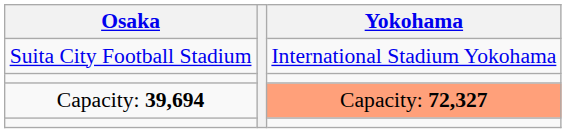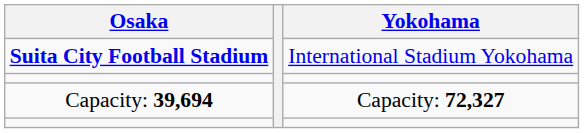 <table class="wikitable" style="text-align:center">
 <tr>
 <th><a href='#'>Osaka</a></th>
 <th rowspan=5></th>
 <th><a href='#'>Yokohama</a></th>
 </tr>
 <tr>
-<td><a href='#'>Suita City Football Stadium</a></td>
+<td><strong><a href='#'>Suita City Football Stadium</a></strong></td>
 <td><a href='#'>International Stadium Yokohama</a></td>
 </tr>
 <tr>
 <td><small></small></td>
 <td><small></small></td>
 </tr>
 <tr>
 <td>Capacity: <strong>39,694</strong></td>
-<td style="background: lightsalmon;">Capacity: <strong>72,327</strong></td>
+<td>Capacity: <strong>72,327</strong></td>
 </tr>
 <tr>
 <td></td>
 <td></td>
 </tr>
 </table>
